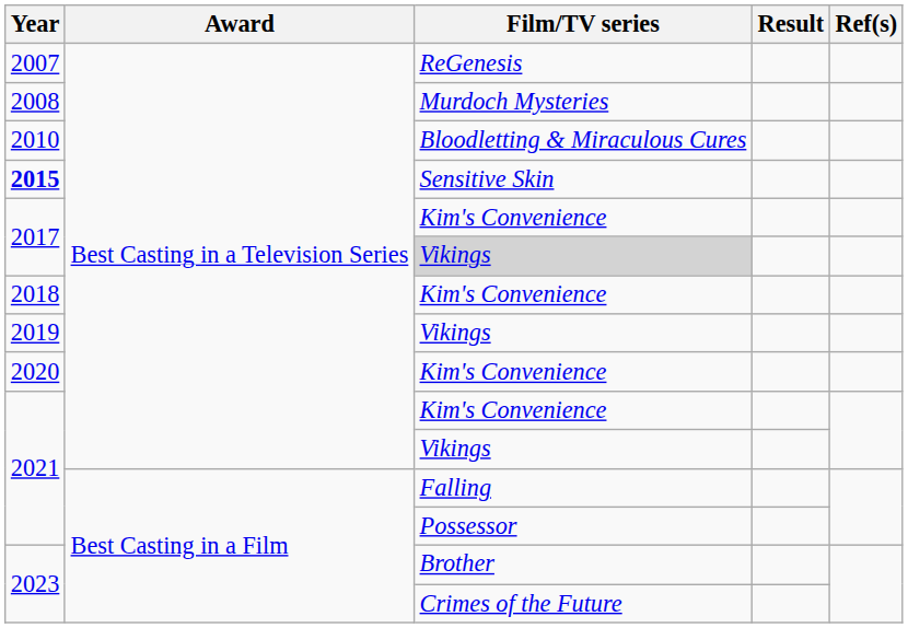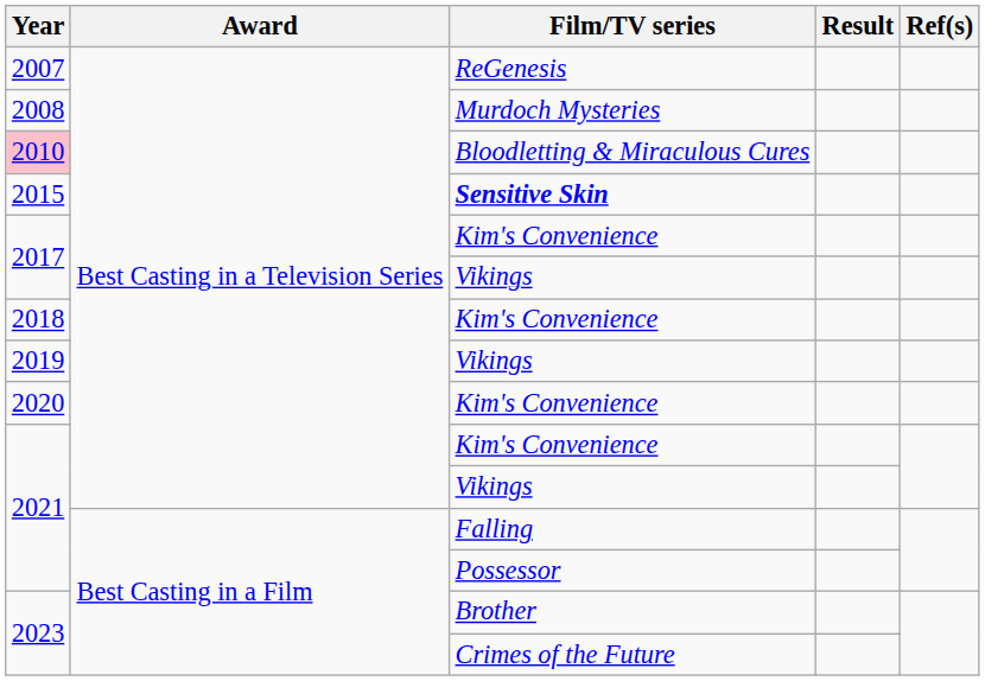 <table class="wikitable plainrowheaders sortable">
 <tr>
 <th>Year</th>
 <th>Award</th>
 <th>Film/TV series</th>
 <th>Result</th>
 <th>Ref(s)</th>
 </tr>
 <tr>
 <td><a href='#'>2007</a></td>
 <td rowspan="11"><a href='#'>Best Casting in a Television Series</a></td>
 <td><em><a href='#'>ReGenesis</a></em></td>
 <td></td>
 <td></td>
 </tr>
 <tr>
 <td><a href='#'>2008</a></td>
 <td><em><a href='#'>Murdoch Mysteries</a></em></td>
 <td></td>
 <td></td>
 </tr>
 <tr>
-<td><a href='#'>2010</a></td>
+<td style="background: pink;"><a href='#'>2010</a></td>
 <td><em><a href='#'>Bloodletting & Miraculous Cures</a></em></td>
 <td></td>
 <td></td>
 </tr>
 <tr>
-<td><strong><a href='#'>2015</a></strong></td>
-<td><em><a href='#'>Sensitive Skin</a></em></td>
+<td><a href='#'>2015</a></td>
+<td><strong><em><a href='#'>Sensitive Skin</a></em></strong></td>
 <td></td>
 <td></td>
 </tr>
 <tr>
 <td rowspan="2"><a href='#'>2017</a></td>
 <td><em><a href='#'>Kim's Convenience</a></em></td>
 <td></td>
 <td></td>
 </tr>
 <tr>
-<td style="background: lightgrey;"><em><a href='#'>Vikings</a></em></td>
+<td><em><a href='#'>Vikings</a></em></td>
 <td></td>
 <td></td>
 </tr>
 <tr>
 <td><a href='#'>2018</a></td>
 <td><em><a href='#'>Kim's Convenience</a></em></td>
 <td></td>
 <td></td>
 </tr>
 <tr>
 <td><a href='#'>2019</a></td>
 <td><em><a href='#'>Vikings</a></em></td>
 <td></td>
 <td></td>
 </tr>
 <tr>
 <td><a href='#'>2020</a></td>
 <td><em><a href='#'>Kim's Convenience</a></em></td>
 <td></td>
 <td></td>
 </tr>
 <tr>
 <td rowspan="4"><a href='#'>2021</a></td>
 <td><em><a href='#'>Kim's Convenience</a></em></td>
 <td></td>
 <td rowspan="2"></td>
 </tr>
 <tr>
 <td><em><a href='#'>Vikings</a></em></td>
 <td></td>
 </tr>
 <tr>
 <td rowspan="4"><a href='#'>Best Casting in a Film</a></td>
 <td><em><a href='#'>Falling</a></em></td>
 <td></td>
 <td rowspan="2"></td>
 </tr>
 <tr>
 <td><em><a href='#'>Possessor</a></em></td>
 <td></td>
 </tr>
 <tr>
 <td rowspan=2><a href='#'>2023</a></td>
 <td><em><a href='#'>Brother</a></em></td>
 <td></td>
 <td rowspan=2></td>
 </tr>
 <tr>
 <td><em><a href='#'>Crimes of the Future</a></em></td>
 <td></td>
 </tr>
 </table>
